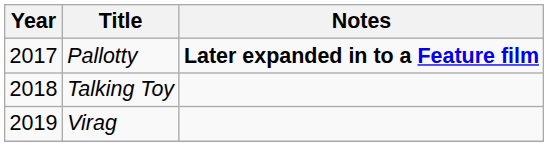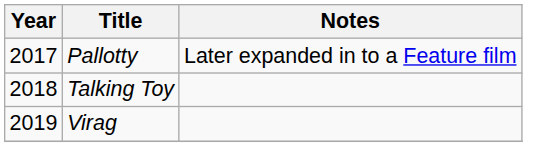 <table class="wikitable sortable">
 <tr>
 <th scope="col">Year</th>
 <th scope="col">Title</th>
 <th scope="col" class="unsortable">Notes</th>
 </tr>
 <tr>
 <td align="center">2017</td>
 <td><em>Pallotty</em></td>
-<td><strong>Later expanded in to a <a href='#'>Feature film</a></strong></td>
+<td>Later expanded in to a <a href='#'>Feature film</a></td>
 </tr>
 <tr>
 <td align="center">2018</td>
 <td><em>Talking Toy</em></td>
 <td></td>
 </tr>
 <tr>
 <td align="center">2019</td>
 <td><em>Virag</em></td>
 <td></td>
 </tr>
 <tr>
 </tr>
 </table>
